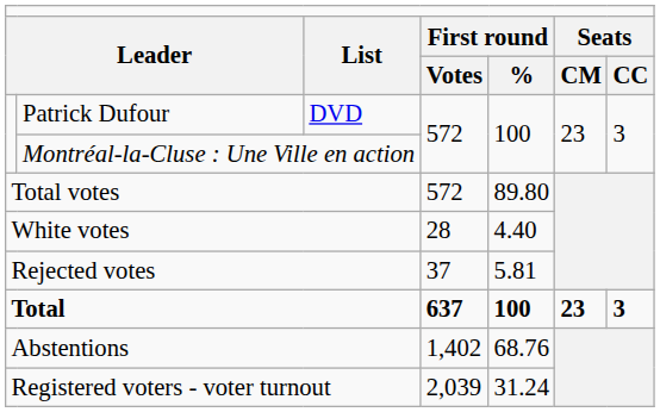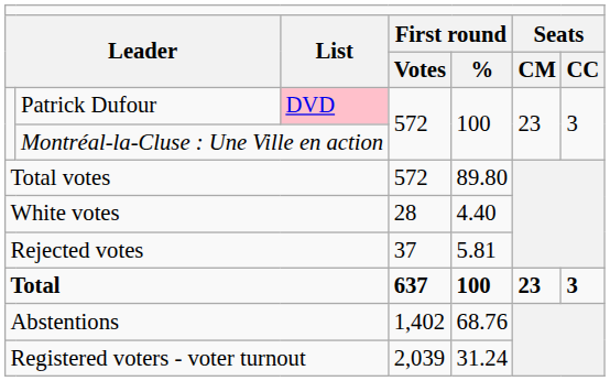 <table class="wikitable">
 <tr>
 <td colspan="7"></td>
 </tr>
 <tr>
 <th colspan="2" rowspan="2">Leader</th>
 <th rowspan="2">List</th>
 <th colspan="2">First round</th>
 <th colspan="2">Seats</th>
 </tr>
 <tr>
 <th>Votes</th>
 <th>%</th>
 <th>CM</th>
 <th>CC</th>
 </tr>
 <tr>
 <td rowspan="2" bgcolor=></td>
 <td>Patrick Dufour</td>
-<td><a href='#'>DVD</a></td>
+<td style="background: pink;"><a href='#'>DVD</a></td>
 <td rowspan="2">572</td>
 <td rowspan="2">100</td>
 <td rowspan="2">23</td>
 <td rowspan="2">3</td>
 </tr>
 <tr>
 <td colspan="2"><em>Montréal-la-Cluse : Une Ville en action</em></td>
 </tr>
 <tr>
 <td colspan="3">Total votes</td>
 <td>572</td>
 <td>89.80</td>
 <th colspan="2" rowspan="3"></th>
 </tr>
 <tr>
 <td colspan="3">White votes</td>
 <td>28</td>
 <td>4.40</td>
 </tr>
 <tr>
 <td colspan="3">Rejected votes</td>
 <td>37</td>
 <td>5.81</td>
 </tr>
 <tr>
 <td colspan="3"><strong>Total</strong></td>
 <td><strong>637</strong></td>
 <td><strong>100</strong></td>
 <td><strong>23</strong></td>
 <td><strong>3</strong></td>
 </tr>
 <tr>
 <td colspan="3">Abstentions</td>
 <td>1,402</td>
 <td>68.76</td>
 <th colspan="2" rowspan="2"></th>
 </tr>
 <tr>
 <td colspan="3">Registered voters - voter turnout</td>
 <td>2,039</td>
 <td>31.24</td>
 </tr>
 </table>
